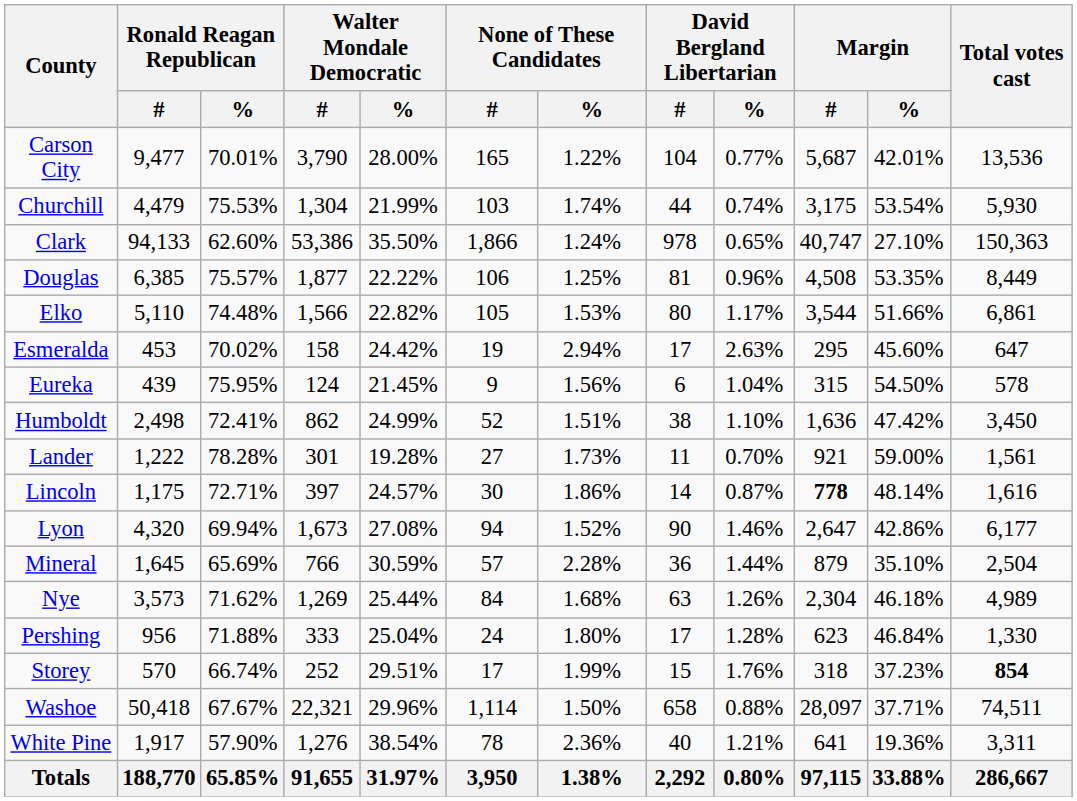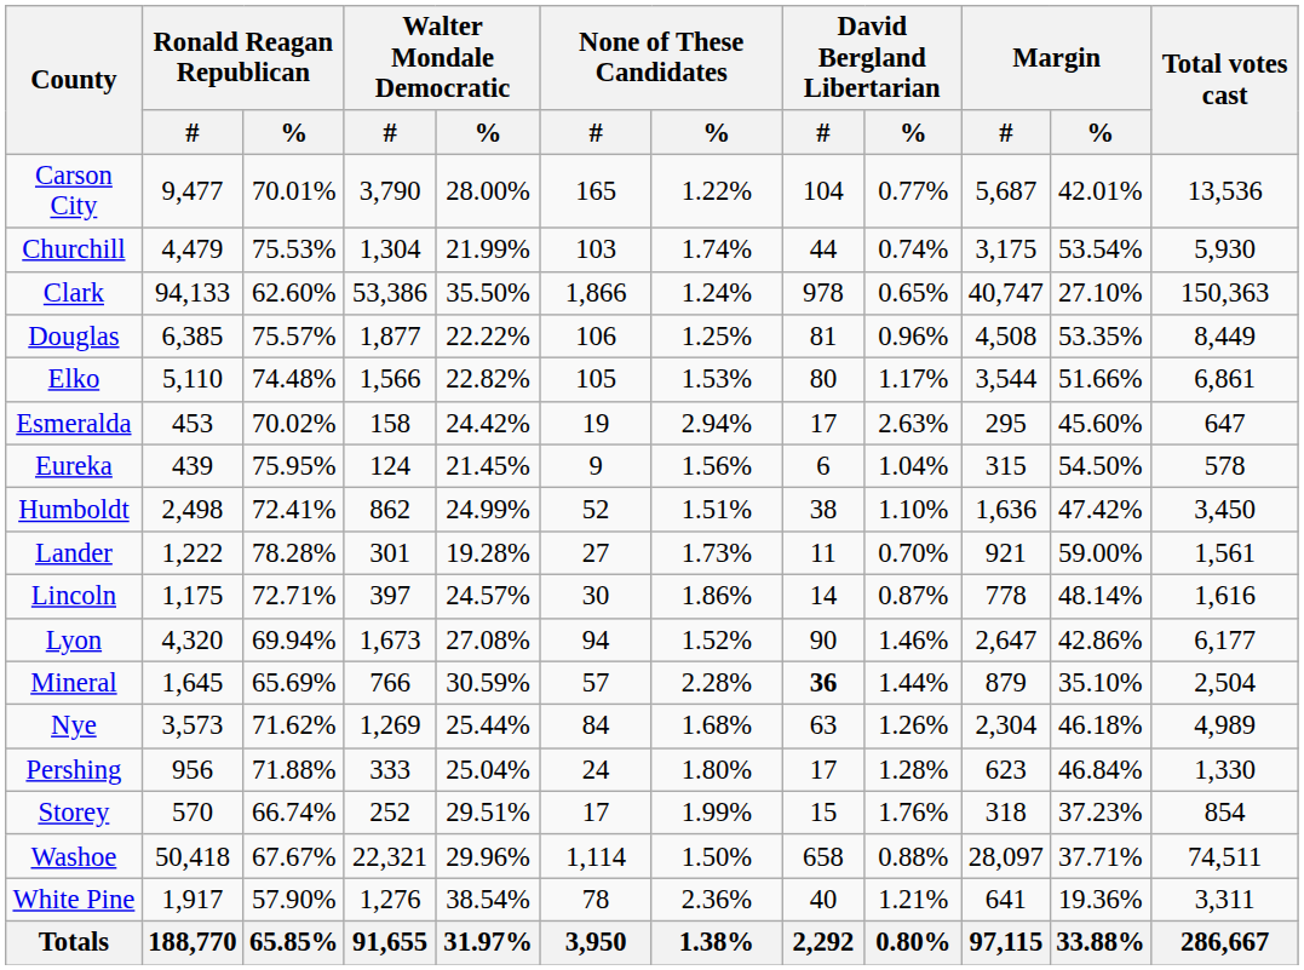 <table class="wikitable sortable" width="60%">
 <tr>
 <th style="text-align:center;" rowspan="2">County</th>
 <th style="text-align:center;" colspan="2">Ronald Reagan<br>Republican</th>
 <th style="text-align:center;" colspan="2">Walter Mondale<br>Democratic</th>
 <th style="text-align:center;" colspan="2">None of These Candidates<br></th>
 <th style="text-align:center;" colspan="2">David Bergland<br>Libertarian</th>
 <th style="text-align:center;" colspan="2">Margin</th>
 <th style="text-align:center;" rowspan="2" style="text-align:center;">Total votes cast</th>
 </tr>
 <tr>
 <th style="text-align:center;" data-sort-type="number">#</th>
 <th style="text-align:center;" data-sort-type="number">%</th>
 <th style="text-align:center;" data-sort-type="number">#</th>
 <th style="text-align:center;" data-sort-type="number">%</th>
 <th style="text-align:center;" data-sort-type="number">#</th>
 <th style="text-align:center;" data-sort-type="number">%</th>
 <th style="text-align:center;" data-sort-type="number">#</th>
 <th style="text-align:center;" data-sort-type="number">%</th>
 <th style="text-align:center;" data-sort-type="number">#</th>
 <th style="text-align:center;" data-sort-type="number">%</th>
 </tr>
 <tr style="text-align:center;">
 <td><a href='#'>Carson City</a></td>
 <td>9,477</td>
 <td>70.01%</td>
 <td>3,790</td>
 <td>28.00%</td>
 <td>165</td>
 <td>1.22%</td>
 <td>104</td>
 <td>0.77%</td>
 <td>5,687</td>
 <td>42.01%</td>
 <td>13,536</td>
 </tr>
 <tr style="text-align:center;">
 <td><a href='#'>Churchill</a></td>
 <td>4,479</td>
 <td>75.53%</td>
 <td>1,304</td>
 <td>21.99%</td>
 <td>103</td>
 <td>1.74%</td>
 <td>44</td>
 <td>0.74%</td>
 <td>3,175</td>
 <td>53.54%</td>
 <td>5,930</td>
 </tr>
 <tr style="text-align:center;">
 <td><a href='#'>Clark</a></td>
 <td>94,133</td>
 <td>62.60%</td>
 <td>53,386</td>
 <td>35.50%</td>
 <td>1,866</td>
 <td>1.24%</td>
 <td>978</td>
 <td>0.65%</td>
 <td>40,747</td>
 <td>27.10%</td>
 <td>150,363</td>
 </tr>
 <tr style="text-align:center;">
 <td><a href='#'>Douglas</a></td>
 <td>6,385</td>
 <td>75.57%</td>
 <td>1,877</td>
 <td>22.22%</td>
 <td>106</td>
 <td>1.25%</td>
 <td>81</td>
 <td>0.96%</td>
 <td>4,508</td>
 <td>53.35%</td>
 <td>8,449</td>
 </tr>
 <tr style="text-align:center;">
 <td><a href='#'>Elko</a></td>
 <td>5,110</td>
 <td>74.48%</td>
 <td>1,566</td>
 <td>22.82%</td>
 <td>105</td>
 <td>1.53%</td>
 <td>80</td>
 <td>1.17%</td>
 <td>3,544</td>
 <td>51.66%</td>
 <td>6,861</td>
 </tr>
 <tr style="text-align:center;">
 <td><a href='#'>Esmeralda</a></td>
 <td>453</td>
 <td>70.02%</td>
 <td>158</td>
 <td>24.42%</td>
 <td>19</td>
 <td>2.94%</td>
 <td>17</td>
 <td>2.63%</td>
 <td>295</td>
 <td>45.60%</td>
 <td>647</td>
 </tr>
 <tr style="text-align:center;">
 <td><a href='#'>Eureka</a></td>
 <td>439</td>
 <td>75.95%</td>
 <td>124</td>
 <td>21.45%</td>
 <td>9</td>
 <td>1.56%</td>
 <td>6</td>
 <td>1.04%</td>
 <td>315</td>
 <td>54.50%</td>
 <td>578</td>
 </tr>
 <tr style="text-align:center;">
 <td><a href='#'>Humboldt</a></td>
 <td>2,498</td>
 <td>72.41%</td>
 <td>862</td>
 <td>24.99%</td>
 <td>52</td>
 <td>1.51%</td>
 <td>38</td>
 <td>1.10%</td>
 <td>1,636</td>
 <td>47.42%</td>
 <td>3,450</td>
 </tr>
 <tr style="text-align:center;">
 <td><a href='#'>Lander</a></td>
 <td>1,222</td>
 <td>78.28%</td>
 <td>301</td>
 <td>19.28%</td>
 <td>27</td>
 <td>1.73%</td>
 <td>11</td>
 <td>0.70%</td>
 <td>921</td>
 <td>59.00%</td>
 <td>1,561</td>
 </tr>
 <tr style="text-align:center;">
 <td><a href='#'>Lincoln</a></td>
 <td>1,175</td>
 <td>72.71%</td>
 <td>397</td>
 <td>24.57%</td>
 <td>30</td>
 <td>1.86%</td>
 <td>14</td>
 <td>0.87%</td>
-<td><strong>778</strong></td>
+<td>778</td>
 <td>48.14%</td>
 <td>1,616</td>
 </tr>
 <tr style="text-align:center;">
 <td><a href='#'>Lyon</a></td>
 <td>4,320</td>
 <td>69.94%</td>
 <td>1,673</td>
 <td>27.08%</td>
 <td>94</td>
 <td>1.52%</td>
 <td>90</td>
 <td>1.46%</td>
 <td>2,647</td>
 <td>42.86%</td>
 <td>6,177</td>
 </tr>
 <tr style="text-align:center;">
 <td><a href='#'>Mineral</a></td>
 <td>1,645</td>
 <td>65.69%</td>
 <td>766</td>
 <td>30.59%</td>
 <td>57</td>
 <td>2.28%</td>
-<td>36</td>
+<td><strong>36</strong></td>
 <td>1.44%</td>
 <td>879</td>
 <td>35.10%</td>
 <td>2,504</td>
 </tr>
 <tr style="text-align:center;">
 <td><a href='#'>Nye</a></td>
 <td>3,573</td>
 <td>71.62%</td>
 <td>1,269</td>
 <td>25.44%</td>
 <td>84</td>
 <td>1.68%</td>
 <td>63</td>
 <td>1.26%</td>
 <td>2,304</td>
 <td>46.18%</td>
 <td>4,989</td>
 </tr>
 <tr style="text-align:center;">
 <td><a href='#'>Pershing</a></td>
 <td>956</td>
 <td>71.88%</td>
 <td>333</td>
 <td>25.04%</td>
 <td>24</td>
 <td>1.80%</td>
 <td>17</td>
 <td>1.28%</td>
 <td>623</td>
 <td>46.84%</td>
 <td>1,330</td>
 </tr>
 <tr style="text-align:center;">
 <td><a href='#'>Storey</a></td>
 <td>570</td>
 <td>66.74%</td>
 <td>252</td>
 <td>29.51%</td>
 <td>17</td>
 <td>1.99%</td>
 <td>15</td>
 <td>1.76%</td>
 <td>318</td>
 <td>37.23%</td>
-<td><strong>854</strong></td>
+<td>854</td>
 </tr>
 <tr style="text-align:center;">
 <td><a href='#'>Washoe</a></td>
 <td>50,418</td>
 <td>67.67%</td>
 <td>22,321</td>
 <td>29.96%</td>
 <td>1,114</td>
 <td>1.50%</td>
 <td>658</td>
 <td>0.88%</td>
 <td>28,097</td>
 <td>37.71%</td>
 <td>74,511</td>
 </tr>
 <tr style="text-align:center;">
 <td><a href='#'>White Pine</a></td>
 <td>1,917</td>
 <td>57.90%</td>
 <td>1,276</td>
 <td>38.54%</td>
 <td>78</td>
 <td>2.36%</td>
 <td>40</td>
 <td>1.21%</td>
 <td>641</td>
 <td>19.36%</td>
 <td>3,311</td>
 </tr>
 <tr style="text-align:center;">
 <th>Totals</th>
 <th>188,770</th>
 <th>65.85%</th>
 <th>91,655</th>
 <th>31.97%</th>
 <th>3,950</th>
 <th>1.38%</th>
 <th>2,292</th>
 <th>0.80%</th>
 <th>97,115</th>
 <th>33.88%</th>
 <th>286,667</th>
 </tr>
 </table>
